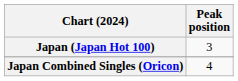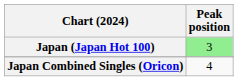 <table class="wikitable sortable plainrowheaders" style="text-align:center">
 <tr>
 <th scope="col">Chart (2024)</th>
 <th scope="col">Peak<br>position</th>
 </tr>
 <tr>
 <th scope="row">Japan (<a href='#'>Japan Hot 100</a>)</th>
-<td>3</td>
+<td style="background: lightgreen;">3</td>
 </tr>
 <tr>
 </tr>
 <tr>
 <th scope="row">Japan Combined Singles (<a href='#'>Oricon</a>)</th>
 <td>4</td>
 </tr>
 </table>
